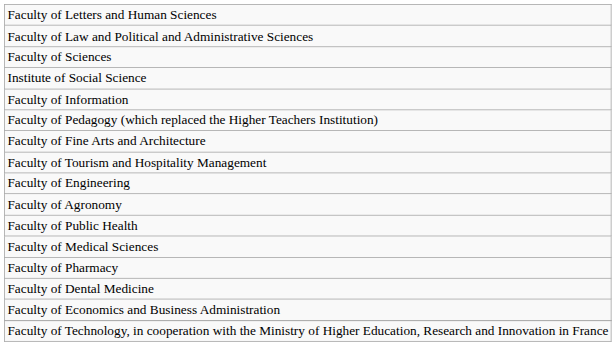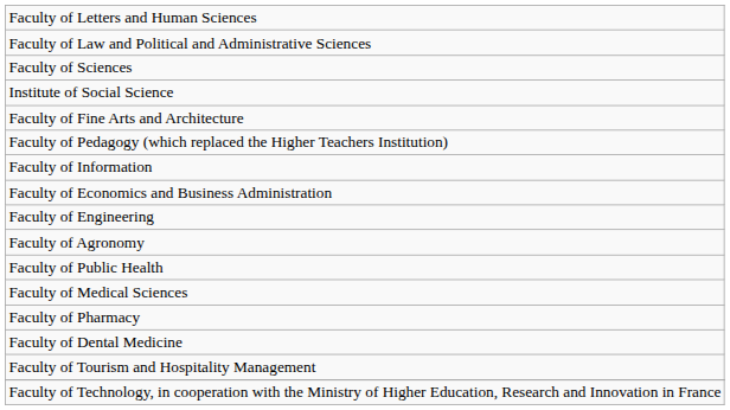 <table class="wikitable">
 <tr>
 <td>Faculty of Letters and Human Sciences</td>
 </tr>
 <tr>
 <td>Faculty of Law and Political and Administrative Sciences</td>
 </tr>
 <tr>
 <td>Faculty of Sciences</td>
 </tr>
 <tr>
 <td>Institute of Social Science</td>
 </tr>
 <tr>
-<td>Faculty of Information</td>
+<td>Faculty of Fine Arts and Architecture</td>
 </tr>
 <tr>
 <td>Faculty of Pedagogy (which replaced the Higher Teachers Institution)</td>
 </tr>
 <tr>
-<td>Faculty of Fine Arts and Architecture</td>
+<td>Faculty of Information</td>
 </tr>
 <tr>
-<td>Faculty of Tourism and Hospitality Management</td>
+<td>Faculty of Economics and Business Administration</td>
 </tr>
 <tr>
 <td>Faculty of Engineering</td>
 </tr>
 <tr>
 <td>Faculty of Agronomy</td>
 </tr>
 <tr>
 <td>Faculty of Public Health</td>
 </tr>
 <tr>
 <td>Faculty of Medical Sciences</td>
 </tr>
 <tr>
 <td>Faculty of Pharmacy</td>
 </tr>
 <tr>
 <td>Faculty of Dental Medicine</td>
 </tr>
 <tr>
-<td>Faculty of Economics and Business Administration</td>
+<td>Faculty of Tourism and Hospitality Management</td>
 </tr>
 <tr>
 </tr>
 <tr>
 <td>Faculty of Technology, in cooperation with the Ministry of Higher Education, Research and Innovation in France</td>
 </tr>
 </table>
